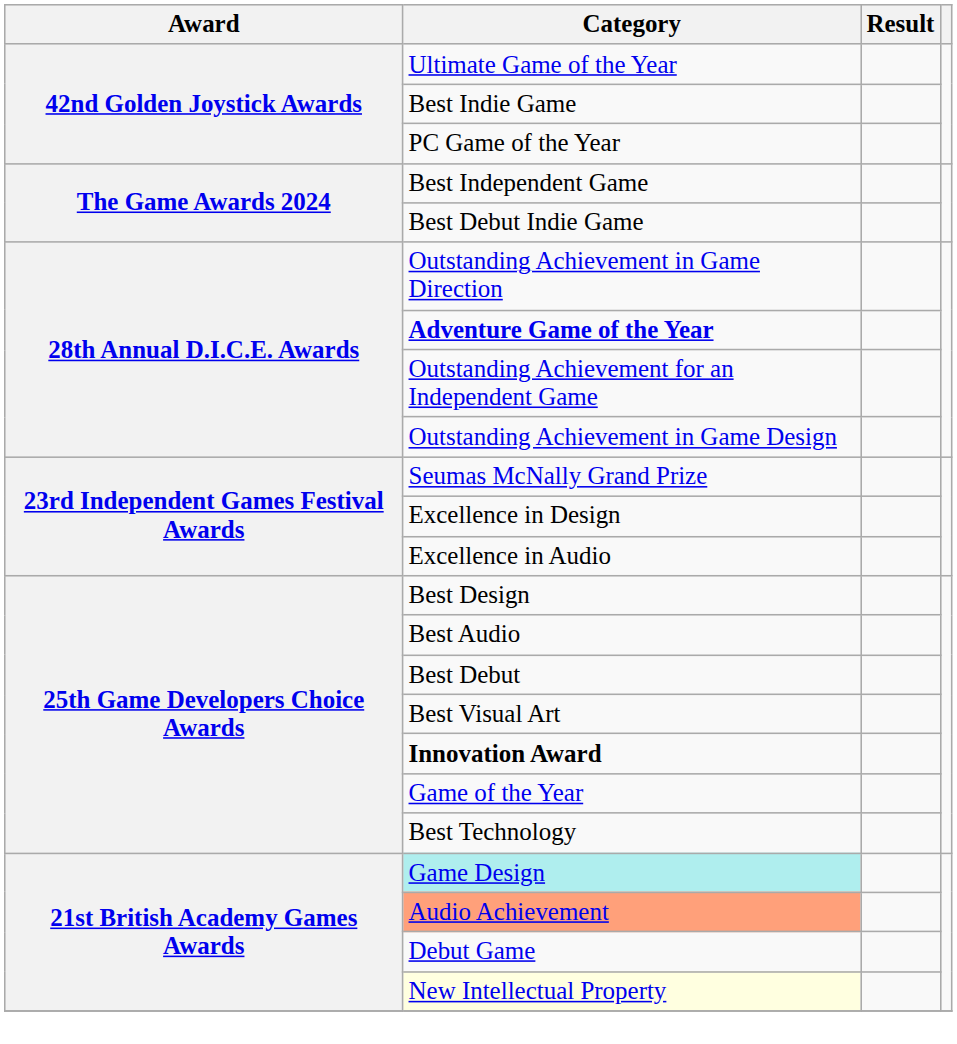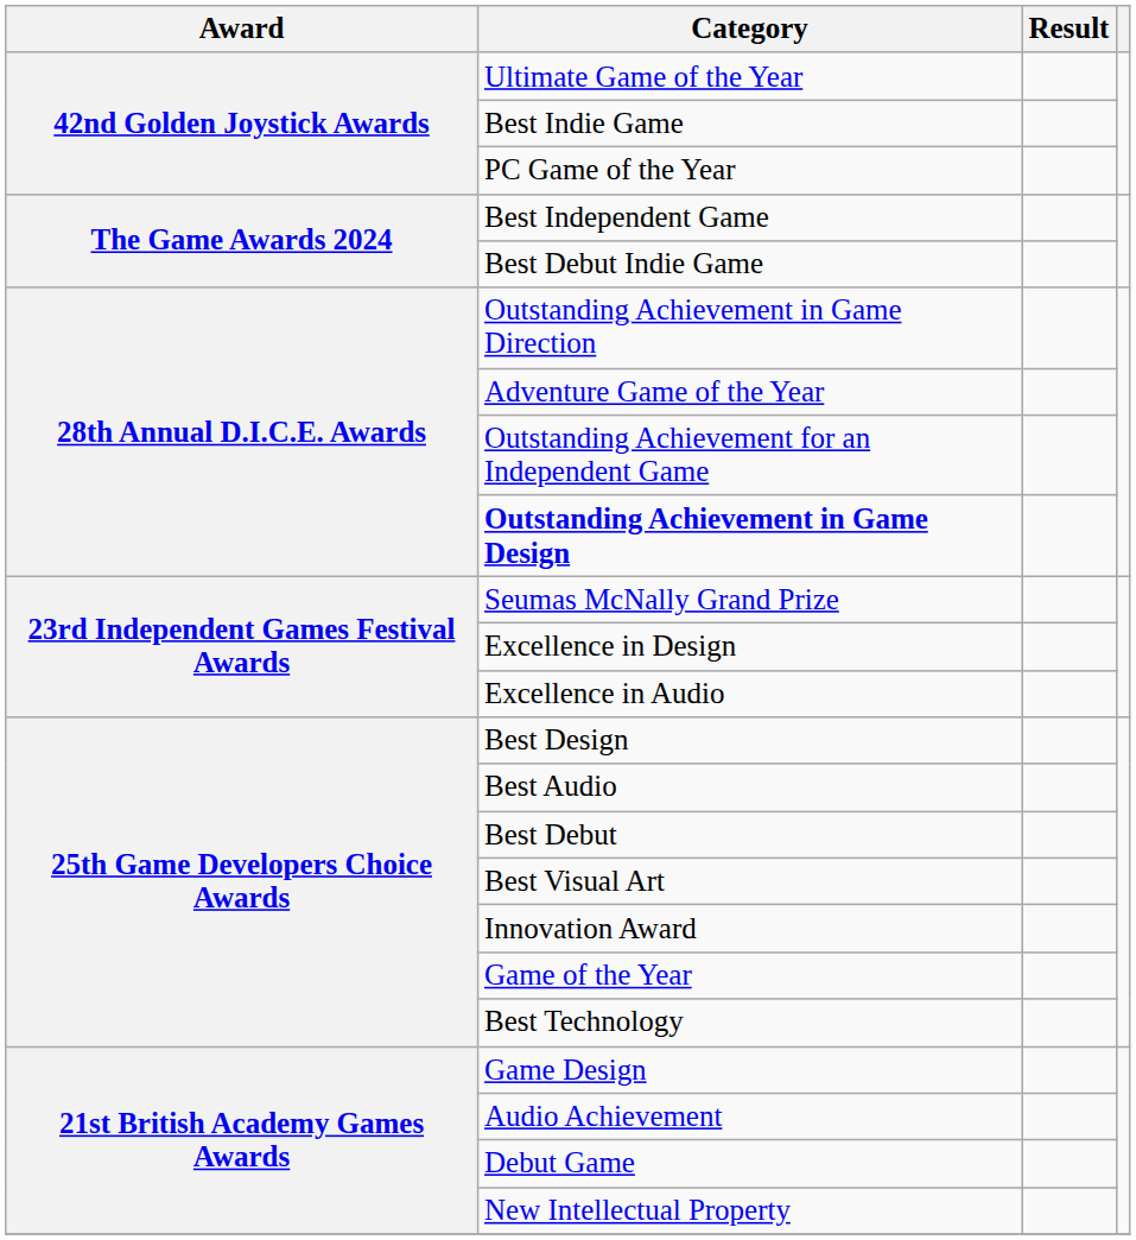 <table class="wikitable plainrowheaders sortable" width="auto">
 <tr>
 <th scope="col">Award</th>
 <th scope="col">Category</th>
 <th scope="col">Result</th>
 <th scope="col" class="unsortable"></th>
 </tr>
 <tr>
 <th scope="rowgroup" rowspan="3"><a href='#'>42nd Golden Joystick Awards</a></th>
 <td><a href='#'>Ultimate Game of the Year</a></td>
 <td></td>
 <td rowspan="3" style="text-align:center;"></td>
 </tr>
 <tr>
 <td>Best Indie Game</td>
 <td></td>
 </tr>
 <tr>
 <td>PC Game of the Year</td>
 <td></td>
 </tr>
 <tr>
 <th scope="rowgroup" rowspan="2"><a href='#'>The Game Awards 2024</a></th>
 <td>Best Independent Game</td>
 <td></td>
 <td rowspan="2" style="text-align:center;"></td>
 </tr>
 <tr>
 <td>Best Debut Indie Game</td>
 <td></td>
 </tr>
 <tr>
 <th scope="rowgroup" rowspan="4"><a href='#'>28th Annual D.I.C.E. Awards</a></th>
 <td><a href='#'>Outstanding Achievement in Game Direction</a></td>
 <td></td>
 <td rowspan="4" style="text-align:center;"></td>
 </tr>
 <tr>
-<td><strong><a href='#'>Adventure Game of the Year</a></strong></td>
+<td><a href='#'>Adventure Game of the Year</a></td>
 <td></td>
 </tr>
 <tr>
 <td><a href='#'>Outstanding Achievement for an Independent Game</a></td>
 <td></td>
 </tr>
 <tr>
-<td><a href='#'>Outstanding Achievement in Game Design</a></td>
+<td><strong><a href='#'>Outstanding Achievement in Game Design</a></strong></td>
 <td></td>
 </tr>
 <tr>
 <th scope="rowgroup" rowspan="3"><a href='#'>23rd Independent Games Festival Awards</a></th>
 <td><a href='#'>Seumas McNally Grand Prize</a></td>
 <td></td>
 <td rowspan="3" style="text-align:center;"></td>
 </tr>
 <tr>
 <td>Excellence in Design</td>
 <td></td>
 </tr>
 <tr>
 <td>Excellence in Audio</td>
 <td></td>
 </tr>
 <tr>
 <th scope="rowgroup" rowspan="7"><a href='#'>25th Game Developers Choice Awards</a></th>
 <td>Best Design</td>
 <td></td>
 <td rowspan="7" style="text-align: center;"></td>
 </tr>
 <tr>
 <td>Best Audio</td>
 <td></td>
 </tr>
 <tr>
 <td>Best Debut</td>
 <td></td>
 </tr>
 <tr>
 <td>Best Visual Art</td>
 <td></td>
 </tr>
 <tr>
-<td><strong>Innovation Award</strong></td>
+<td>Innovation Award</td>
 <td></td>
 </tr>
 <tr>
 <td><a href='#'>Game of the Year</a></td>
 <td></td>
 </tr>
 <tr>
 <td>Best Technology</td>
 <td></td>
 </tr>
 <tr>
 <th scope="rowgroup" rowspan="4"><a href='#'>21st British Academy Games Awards</a></th>
-<td style="background: paleturquoise;"><a href='#'>Game Design</a></td>
+<td><a href='#'>Game Design</a></td>
 <td></td>
 <td align="center" rowspan="4"></td>
 </tr>
 <tr>
-<td style="background: lightsalmon;"><a href='#'>Audio Achievement</a></td>
+<td><a href='#'>Audio Achievement</a></td>
 <td></td>
 </tr>
 <tr>
 <td><a href='#'>Debut Game</a></td>
 <td></td>
 </tr>
 <tr>
-<td style="background: lightyellow;"><a href='#'>New Intellectual Property</a></td>
+<td><a href='#'>New Intellectual Property</a></td>
 <td></td>
 </tr>
 <tr>
 </tr>
 </table>
